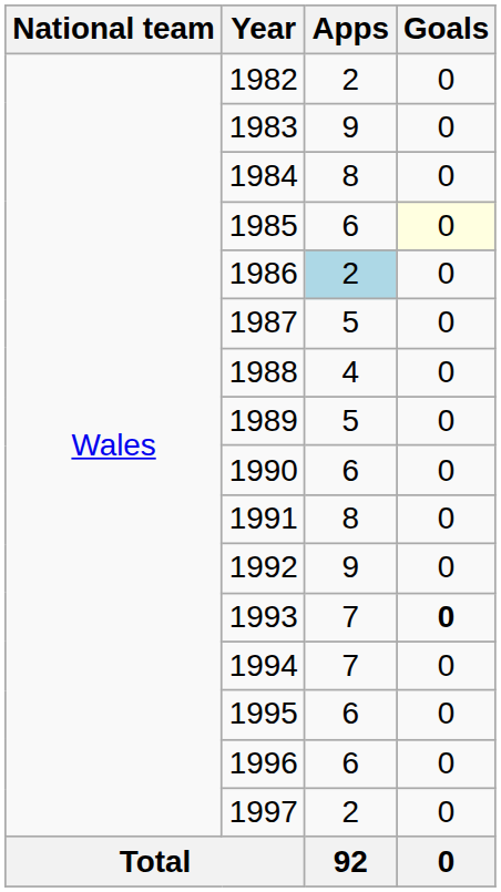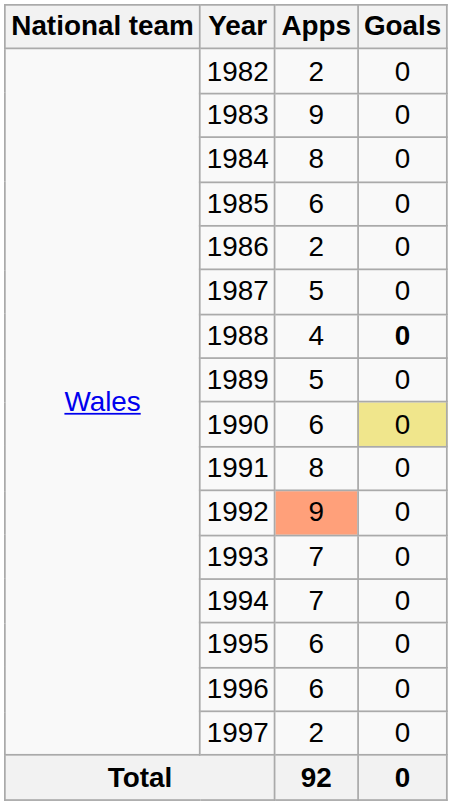 <table class="wikitable" style="text-align:center">
 <tr>
 <th>National team</th>
 <th>Year</th>
 <th>Apps</th>
 <th>Goals</th>
 </tr>
 <tr>
 <td rowspan="16"><a href='#'>Wales</a></td>
 <td>1982</td>
 <td>2</td>
 <td>0</td>
 </tr>
 <tr>
 <td>1983</td>
 <td>9</td>
 <td>0</td>
 </tr>
 <tr>
 <td>1984</td>
 <td>8</td>
 <td>0</td>
 </tr>
 <tr>
 <td>1985</td>
 <td>6</td>
-<td style="background: lightyellow;">0</td>
+<td>0</td>
 </tr>
 <tr>
 <td>1986</td>
-<td style="background: lightblue;">2</td>
+<td>2</td>
 <td>0</td>
 </tr>
 <tr>
 <td>1987</td>
 <td>5</td>
 <td>0</td>
 </tr>
 <tr>
 <td>1988</td>
 <td>4</td>
-<td>0</td>
+<td><strong>0</strong></td>
 </tr>
 <tr>
 <td>1989</td>
 <td>5</td>
 <td>0</td>
 </tr>
 <tr>
 <td>1990</td>
 <td>6</td>
-<td>0</td>
+<td style="background: khaki;">0</td>
 </tr>
 <tr>
 <td>1991</td>
 <td>8</td>
 <td>0</td>
 </tr>
 <tr>
 <td>1992</td>
-<td>9</td>
+<td style="background: lightsalmon;">9</td>
 <td>0</td>
 </tr>
 <tr>
 <td>1993</td>
 <td>7</td>
-<td><strong>0</strong></td>
+<td>0</td>
 </tr>
 <tr>
 <td>1994</td>
 <td>7</td>
 <td>0</td>
 </tr>
 <tr>
 <td>1995</td>
 <td>6</td>
 <td>0</td>
 </tr>
 <tr>
 <td>1996</td>
 <td>6</td>
 <td>0</td>
 </tr>
 <tr>
 <td>1997</td>
 <td>2</td>
 <td>0</td>
 </tr>
 <tr>
 <th colspan="2">Total</th>
 <th>92</th>
 <th>0</th>
 </tr>
 </table>
